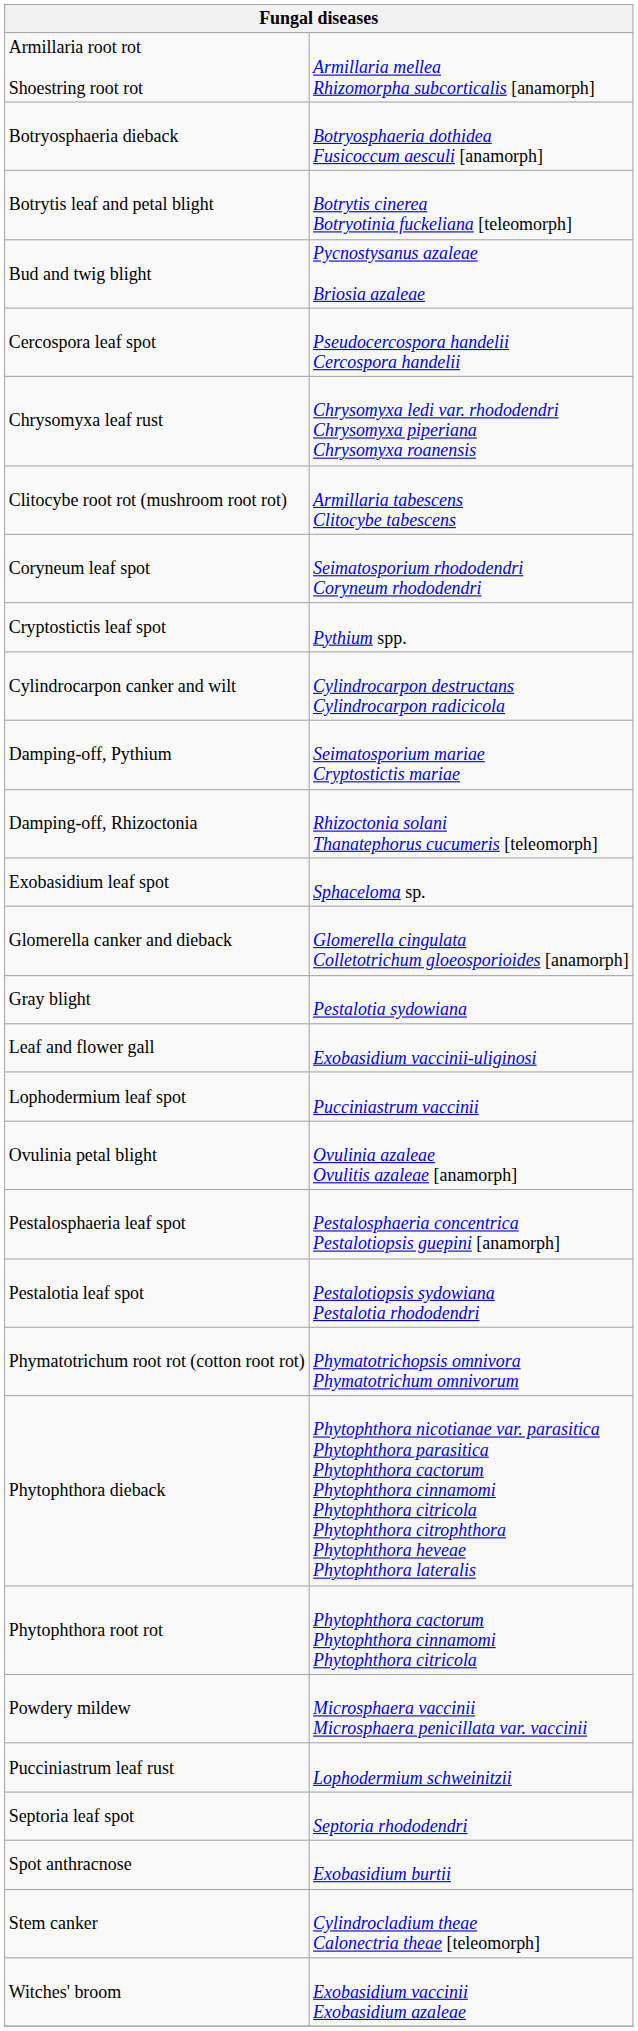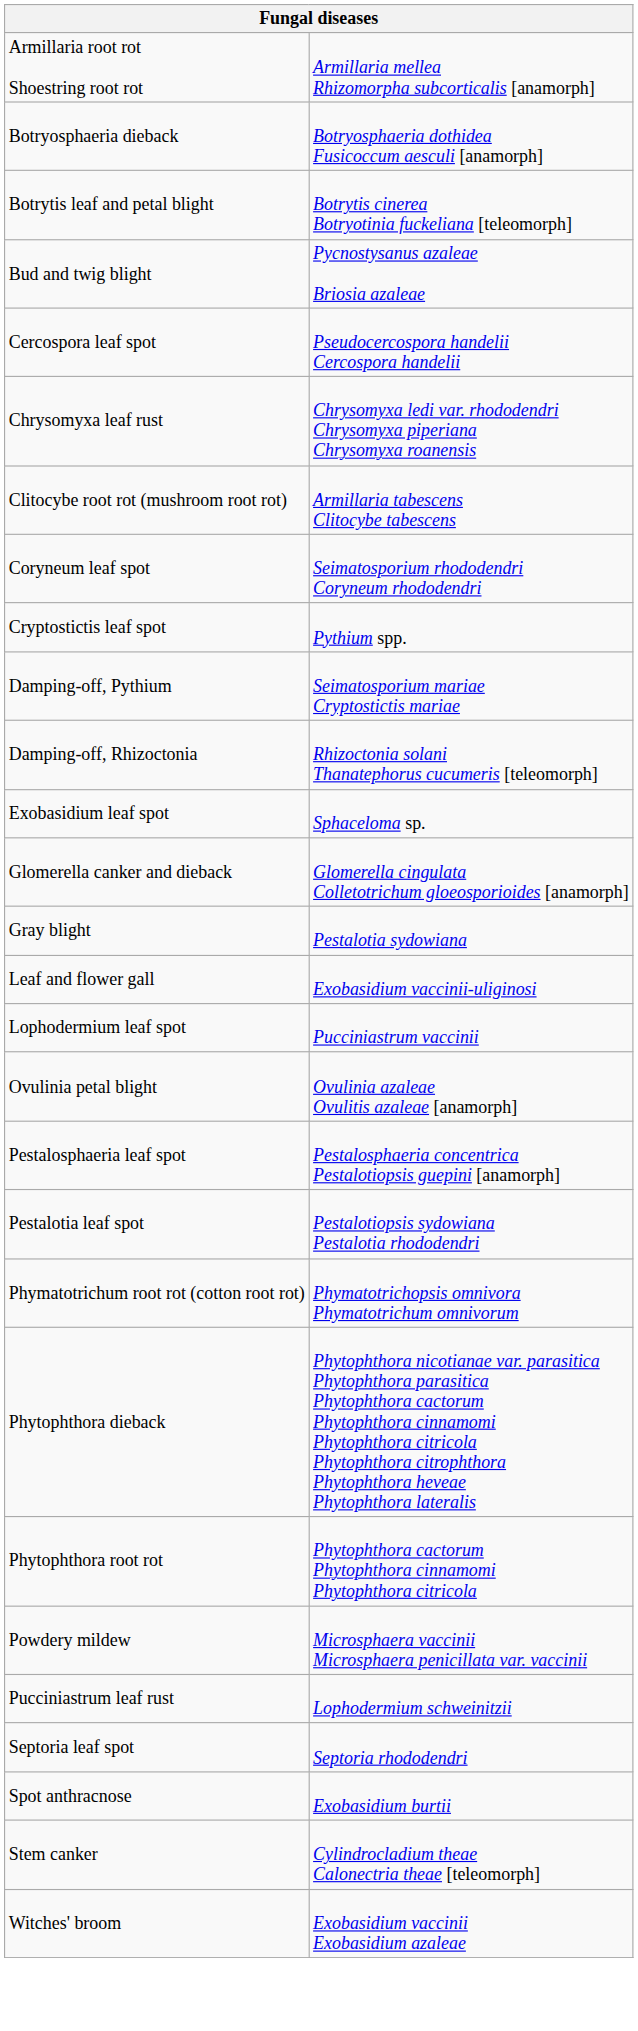 <table class="wikitable" style="clear">
 <tr>
 <th colspan=2><strong>Fungal diseases</strong><br></th>
 </tr>
 <tr>
 <td>Armillaria root rot<br><br>Shoestring root rot</td>
 <td><br><em><a href='#'>Armillaria mellea</a></em> <br> <em><a href='#'>Rhizomorpha subcorticalis</a></em> [anamorph]</td>
 </tr>
 <tr>
 <td>Botryosphaeria dieback</td>
 <td><br><em><a href='#'>Botryosphaeria dothidea</a></em><br> <em><a href='#'>Fusicoccum aesculi</a></em> [anamorph]</td>
 </tr>
 <tr>
 <td>Botrytis leaf and petal blight</td>
 <td><br><em><a href='#'>Botrytis cinerea</a></em><br> <em><a href='#'>Botryotinia fuckeliana</a></em> [teleomorph]</td>
 </tr>
 <tr>
 <td>Bud and twig blight</td>
 <td><em><a href='#'>Pycnostysanus azaleae</a></em> <br><br> <em><a href='#'>Briosia azaleae</a></em></td>
 </tr>
 <tr>
 <td>Cercospora leaf spot</td>
 <td><br><em><a href='#'>Pseudocercospora handelii</a></em> <br>  <em><a href='#'>Cercospora handelii</a></em></td>
 </tr>
 <tr>
 <td>Chrysomyxa leaf rust</td>
 <td><br><em><a href='#'>Chrysomyxa ledi var. rhododendri</a></em><br> <em><a href='#'>Chrysomyxa piperiana</a></em><br> <em><a href='#'>Chrysomyxa roanensis</a></em></td>
 </tr>
 <tr>
 <td>Clitocybe root rot (mushroom root rot)</td>
 <td><br><em><a href='#'>Armillaria tabescens</a></em> <br>  <em><a href='#'>Clitocybe tabescens</a></em></td>
 </tr>
 <tr>
 <td>Coryneum leaf spot</td>
 <td><br><em><a href='#'>Seimatosporium rhododendri</a></em> <br>  <em><a href='#'>Coryneum rhododendri</a></em></td>
 </tr>
 <tr>
 <td>Cryptostictis leaf spot</td>
 <td><br><em><a href='#'>Pythium</a></em> spp.</td>
-</tr>
-<tr>
-<td>Cylindrocarpon canker and wilt</td>
-<td><br><em><a href='#'>Cylindrocarpon destructans</a></em> <br>  <em><a href='#'>Cylindrocarpon radicicola</a></em></td>
 </tr>
 <tr>
 <td>Damping-off, Pythium</td>
 <td><br><em><a href='#'>Seimatosporium mariae</a></em> <br>  <em><a href='#'>Cryptostictis mariae</a></em></td>
 </tr>
 <tr>
 <td>Damping-off, Rhizoctonia</td>
 <td><br><em><a href='#'>Rhizoctonia solani</a></em><br> <em><a href='#'>Thanatephorus cucumeris</a></em> [teleomorph]</td>
 </tr>
 <tr>
 <td>Exobasidium leaf spot</td>
 <td><br><em><a href='#'>Sphaceloma</a></em> sp.</td>
 </tr>
 <tr>
 <td>Glomerella canker and dieback</td>
 <td><br><em><a href='#'>Glomerella cingulata</a></em><br> <em><a href='#'>Colletotrichum gloeosporioides</a></em> [anamorph]</td>
 </tr>
 <tr>
 <td>Gray blight</td>
 <td><br><em><a href='#'>Pestalotia sydowiana</a></em></td>
 </tr>
 <tr>
 <td>Leaf and flower gall</td>
 <td><br><em><a href='#'>Exobasidium vaccinii-uliginosi</a></em></td>
 </tr>
 <tr>
 <td>Lophodermium leaf spot</td>
 <td><br><em><a href='#'>Pucciniastrum vaccinii</a></em></td>
 </tr>
 <tr>
 <td>Ovulinia petal blight</td>
 <td><br><em><a href='#'>Ovulinia azaleae</a></em><br> <em><a href='#'>Ovulitis azaleae</a></em> [anamorph]</td>
 </tr>
 <tr>
 <td>Pestalosphaeria leaf spot</td>
 <td><br><em><a href='#'>Pestalosphaeria concentrica</a></em><br> <em><a href='#'>Pestalotiopsis guepini</a></em> [anamorph]</td>
 </tr>
 <tr>
 <td>Pestalotia leaf spot</td>
 <td><br><em><a href='#'>Pestalotiopsis sydowiana</a></em> <br>  <em><a href='#'>Pestalotia rhododendri</a></em></td>
 </tr>
 <tr>
 <td>Phymatotrichum root rot (cotton root rot)</td>
 <td><br><em><a href='#'>Phymatotrichopsis omnivora</a></em> <br>  <em><a href='#'>Phymatotrichum omnivorum</a></em></td>
 </tr>
 <tr>
 <td>Phytophthora dieback</td>
 <td><br><em><a href='#'>Phytophthora nicotianae var. parasitica</a></em> <br>  <em><a href='#'>Phytophthora parasitica</a></em><br> <em><a href='#'>Phytophthora cactorum</a></em><br> <em><a href='#'>Phytophthora cinnamomi</a></em><br> <em><a href='#'>Phytophthora citricola</a></em><br> <em><a href='#'>Phytophthora citrophthora</a></em><br> <em><a href='#'>Phytophthora heveae</a></em><br> <em><a href='#'>Phytophthora lateralis</a></em></td>
 </tr>
 <tr>
 <td>Phytophthora root rot</td>
 <td><br><em><a href='#'>Phytophthora cactorum</a></em><br> <em><a href='#'>Phytophthora cinnamomi</a></em><br> <em><a href='#'>Phytophthora citricola</a></em></td>
 </tr>
 <tr>
 <td>Powdery mildew</td>
 <td><br><em><a href='#'>Microsphaera vaccinii</a></em> <br>  <em><a href='#'>Microsphaera penicillata var. vaccinii</a></em></td>
 </tr>
 <tr>
 <td>Pucciniastrum leaf rust</td>
 <td><br><em><a href='#'>Lophodermium schweinitzii</a></em></td>
 </tr>
 <tr>
 <td>Septoria leaf spot</td>
 <td><br><em><a href='#'>Septoria rhododendri</a></em></td>
 </tr>
 <tr>
 <td>Spot anthracnose</td>
 <td><br><em><a href='#'>Exobasidium burtii</a></em></td>
 </tr>
 <tr>
 <td>Stem canker</td>
 <td><br><em><a href='#'>Cylindrocladium theae</a></em><br> <em><a href='#'>Calonectria theae</a></em> [teleomorph]</td>
 </tr>
 <tr>
 <td>Witches' broom</td>
 <td><br><em><a href='#'>Exobasidium vaccinii</a></em> <br>  <em><a href='#'>Exobasidium azaleae</a></em></td>
 </tr>
 <tr>
 </tr>
 </table>
